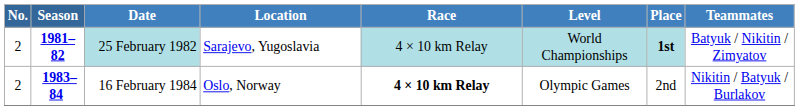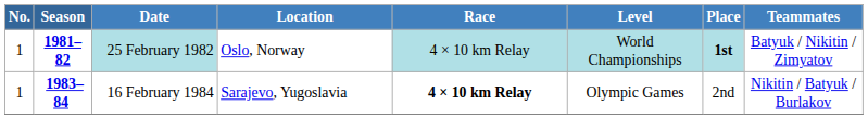 <table class="wikitable sortable" style="font-size:95%; text-align:center; border:grey solid 1px; border-collapse:collapse; background:#ffffff;">
 <tr style="background:#efefef;">
 <th style="background-color:#369; color:white;">No.</th>
 <th style="background-color:#369; color:white;">Season</th>
 <th style="background-color:#4180be; color:white; width:120px;">Date</th>
 <th style="background-color:#4180be; color:white; width:170px;">Location</th>
 <th style="background-color:#4180be; color:white; width:170px;">Race</th>
 <th style="background-color:#4180be; color:white; width:130px;">Level</th>
 <th style="background-color:#4180be; color:white;">Place</th>
 <th style="background-color:#4180be; color:white;">Teammates</th>
 </tr>
 <tr>
-<td align=center>2</td>
+<td align=center>1</td>
 <td rowspan=1 align=center><strong><a href='#'>1981–82</a></strong></td>
 <td bgcolor="#BOEOE6" align=right>25 February 1982</td>
-<td align=left> <a href='#'>Sarajevo</a>, Yugoslavia</td>
+<td align=left> <a href='#'>Oslo</a>, Norway</td>
 <td bgcolor="#BOEOE6">4 × 10 km Relay</td>
 <td bgcolor="#BOEOE6">World Championships</td>
 <td bgcolor="#BOEOE6"><strong>1st</strong></td>
 <td><a href='#'>Batyuk</a> / <a href='#'>Nikitin</a> / <a href='#'>Zimyatov</a></td>
 </tr>
 <tr>
-<td align=center>2</td>
+<td align=center>1</td>
 <td rowspan=1 align=center><strong> <a href='#'>1983–84</a> </strong></td>
 <td align=right>16 February 1984</td>
-<td align=left> <a href='#'>Oslo</a>, Norway</td>
+<td align=left> <a href='#'>Sarajevo</a>, Yugoslavia</td>
 <td><strong>4 × 10 km Relay</strong></td>
 <td>Olympic Games</td>
 <td>2nd</td>
 <td><a href='#'>Nikitin</a> / <a href='#'>Batyuk</a> / <a href='#'>Burlakov</a></td>
 </tr>
 <tr>
 </tr>
 </table>
